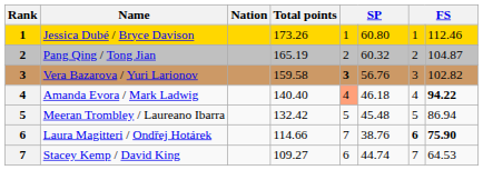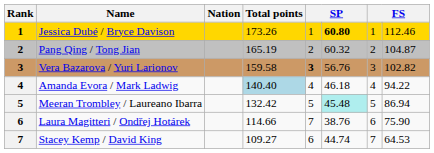 <table class="wikitable">
 <tr>
 <th>Rank</th>
 <th>Name</th>
 <th>Nation</th>
 <th>Total points</th>
 <th colspan="2" width="80px"><a href='#'>SP</a></th>
 <th colspan="2" width="80px"><a href='#'>FS</a></th>
 </tr>
 <tr bgcolor="gold">
 <td align="center"><strong>1</strong></td>
 <td><a href='#'>Jessica Dubé</a> / <a href='#'>Bryce Davison</a></td>
 <td></td>
 <td>173.26</td>
 <td>1</td>
-<td>60.80</td>
+<td><strong>60.80</strong></td>
 <td>1</td>
 <td>112.46</td>
 </tr>
 <tr bgcolor="silver">
 <td align="center"><strong>2</strong></td>
 <td><a href='#'>Pang Qing</a> / <a href='#'>Tong Jian</a></td>
 <td></td>
 <td>165.19</td>
 <td>2</td>
 <td>60.32</td>
 <td>2</td>
 <td>104.87</td>
 </tr>
 <tr bgcolor="cc9966">
 <td align="center"><strong>3</strong></td>
 <td><a href='#'>Vera Bazarova</a> / <a href='#'>Yuri Larionov</a></td>
 <td></td>
 <td>159.58</td>
 <td><strong>3</strong></td>
 <td>56.76</td>
 <td>3</td>
 <td>102.82</td>
 </tr>
 <tr>
 <th>4</th>
 <td><a href='#'>Amanda Evora</a> / <a href='#'>Mark Ladwig</a></td>
 <td></td>
-<td>140.40</td>
-<td style="background: lightsalmon;">4</td>
+<td style="background: lightblue;">140.40</td>
+<td>4</td>
 <td>46.18</td>
 <td>4</td>
-<td><strong>94.22</strong></td>
+<td>94.22</td>
 </tr>
 <tr>
 <th>5</th>
 <td><a href='#'>Meeran Trombley</a> / Laureano Ibarra</td>
 <td></td>
 <td>132.42</td>
 <td>5</td>
-<td>45.48</td>
+<td style="background: paleturquoise;">45.48</td>
 <td>5</td>
 <td>86.94</td>
 </tr>
 <tr>
 <th>6</th>
 <td><a href='#'>Laura Magitteri</a> / <a href='#'>Ondřej Hotárek</a></td>
 <td></td>
 <td>114.66</td>
 <td>7</td>
 <td>38.76</td>
-<td><strong>6</strong></td>
-<td><strong>75.90</strong></td>
+<td>6</td>
+<td>75.90</td>
 </tr>
 <tr>
 <th>7</th>
 <td><a href='#'>Stacey Kemp</a> / <a href='#'>David King</a></td>
 <td></td>
 <td>109.27</td>
 <td>6</td>
 <td>44.74</td>
 <td>7</td>
 <td>64.53</td>
 </tr>
 </table>
